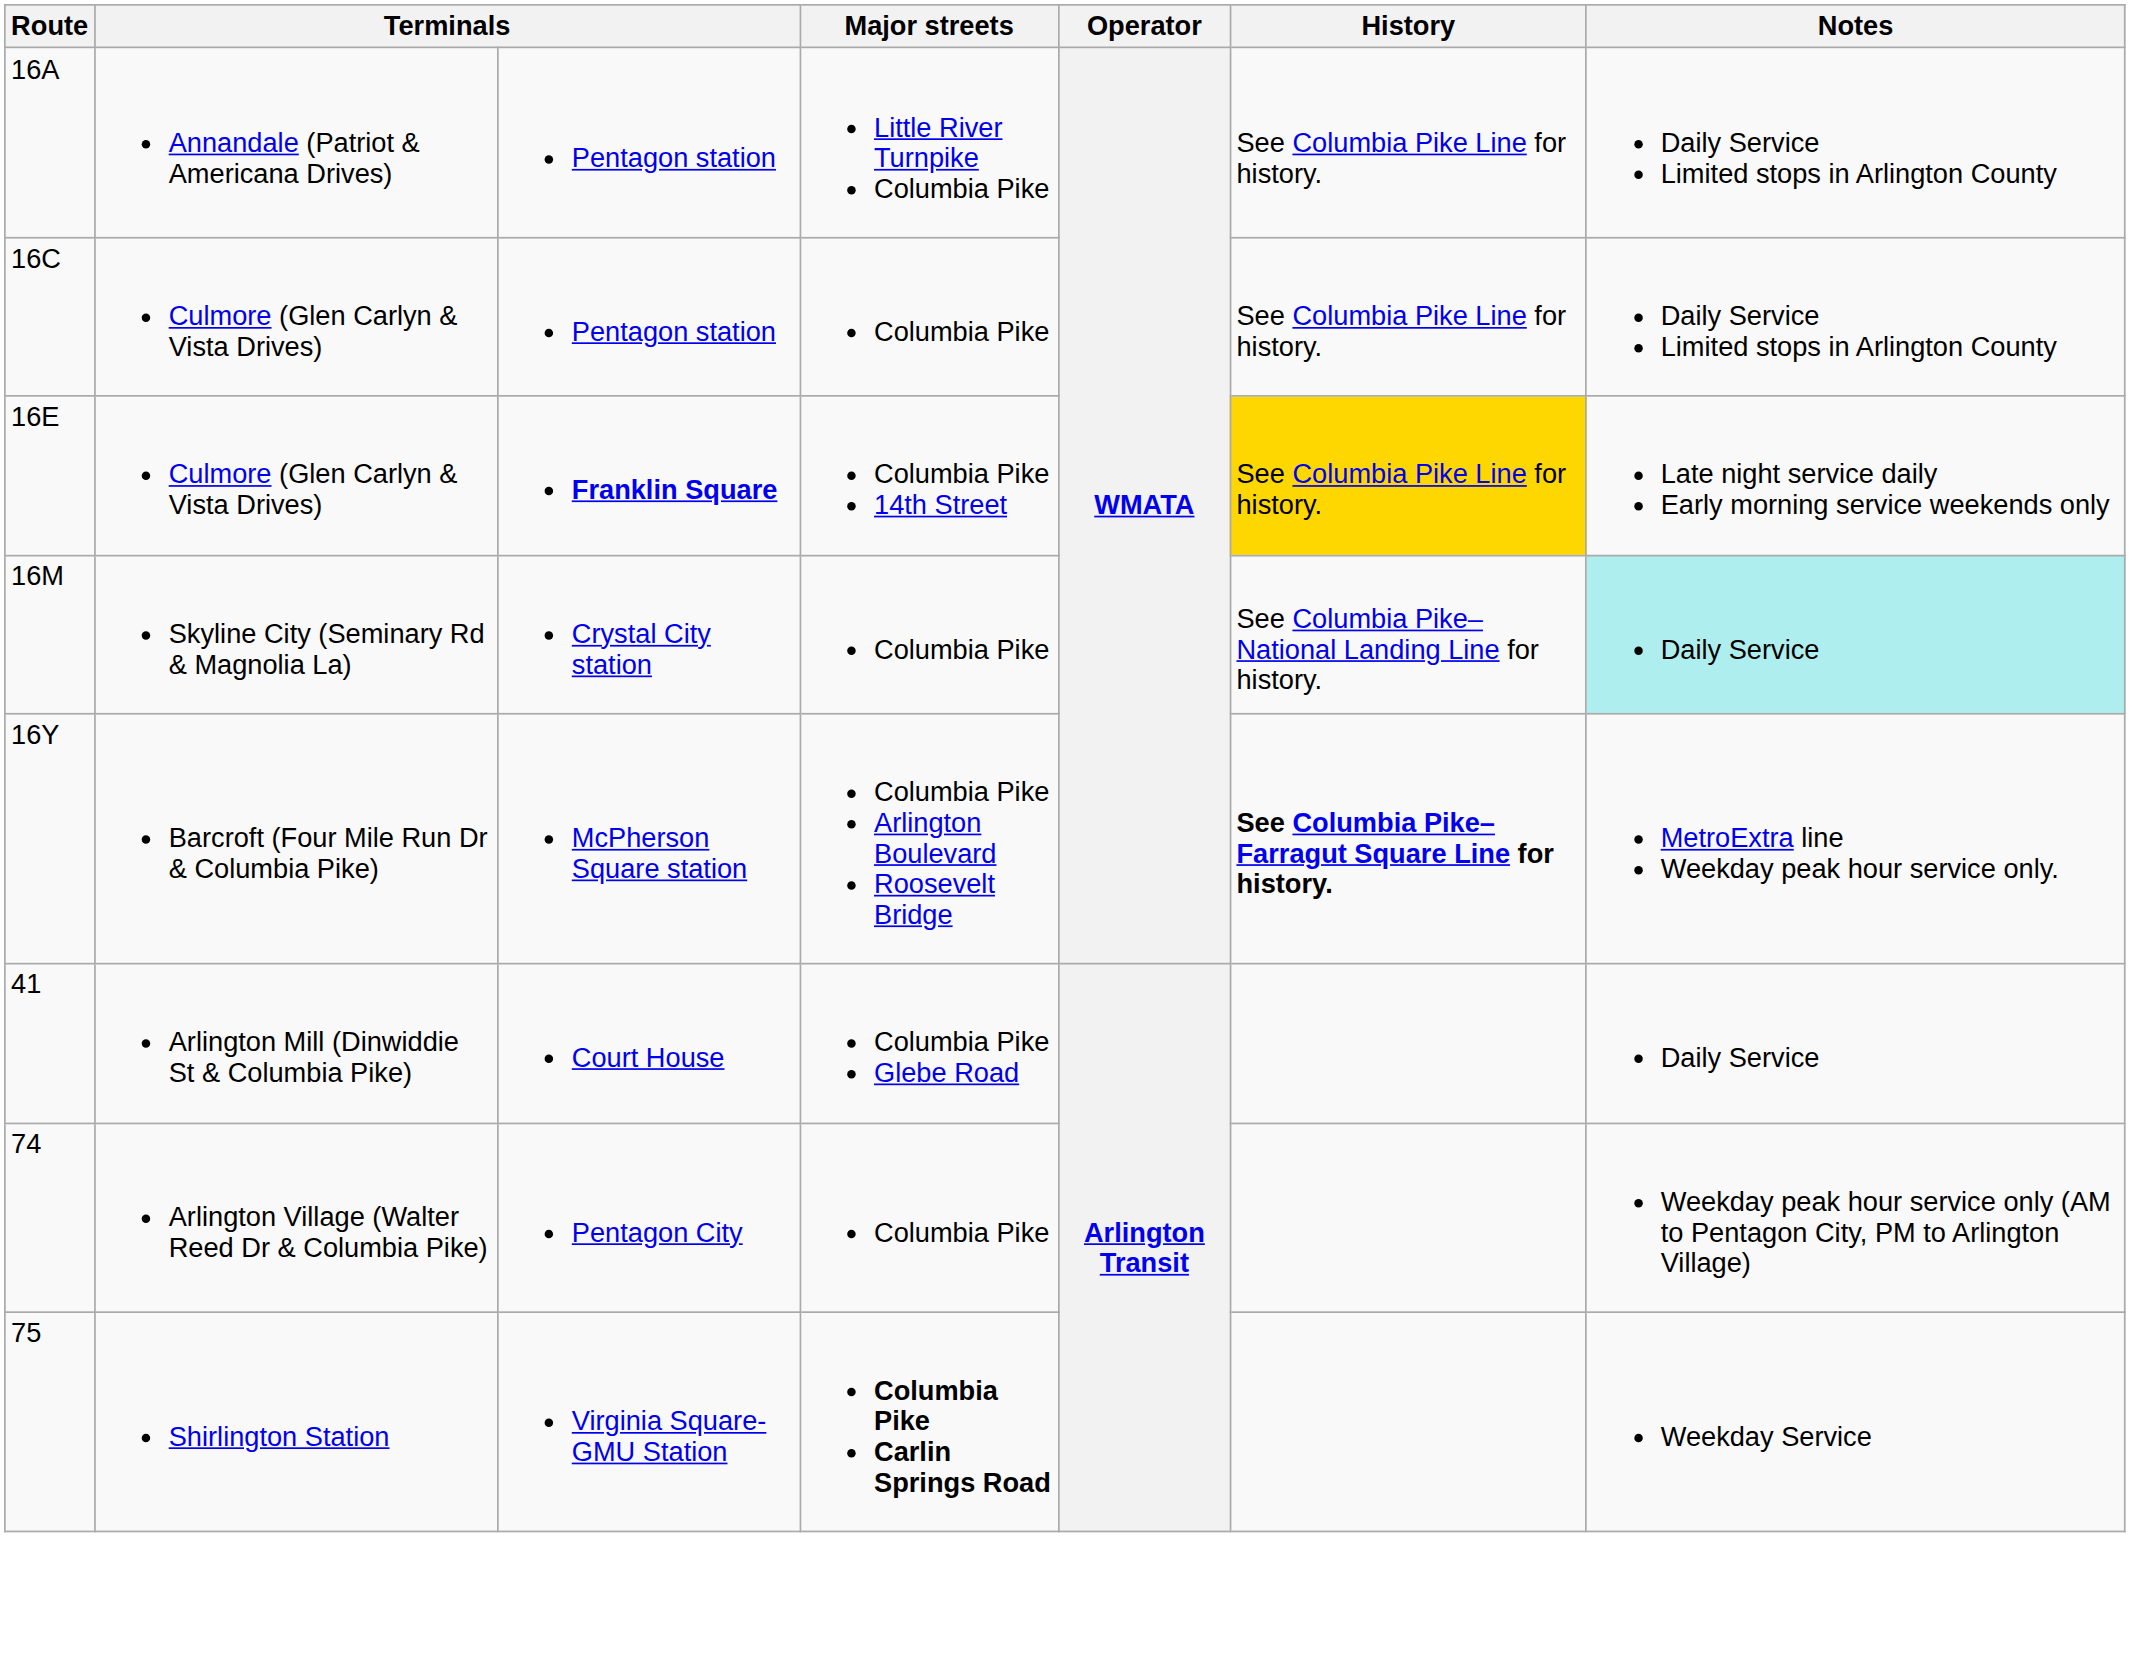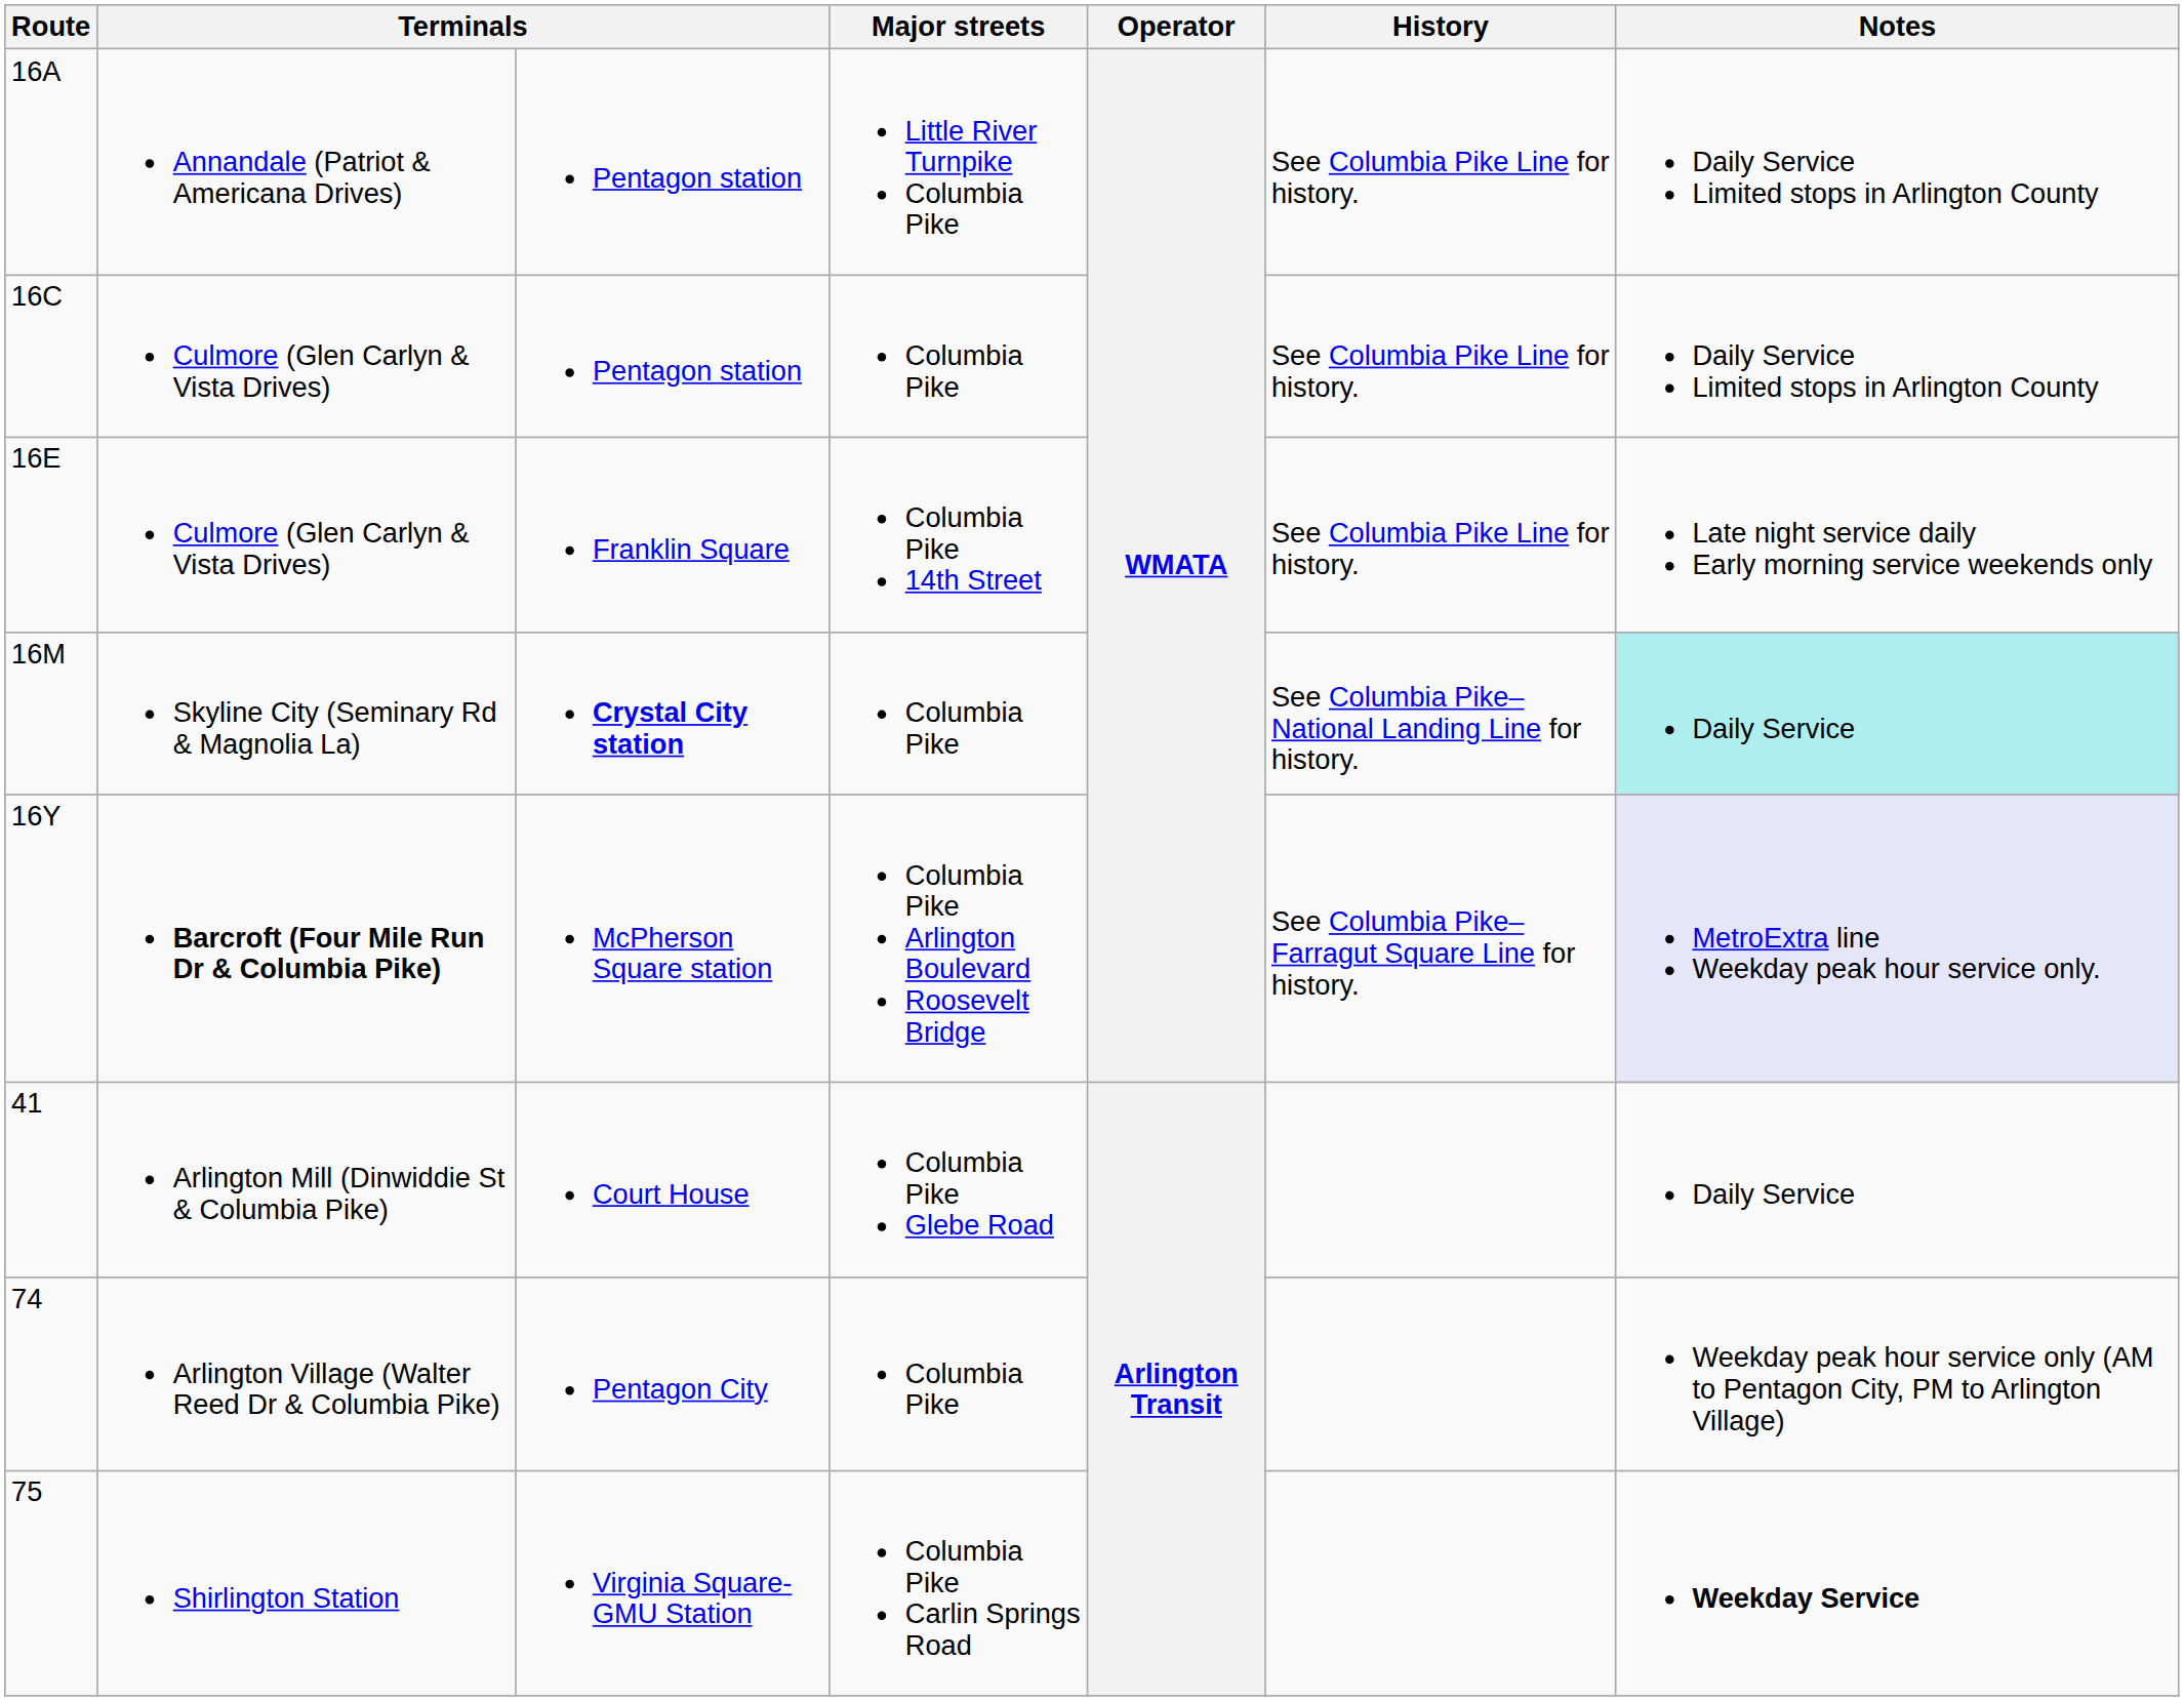 <table class=wikitable>
 <tr>
 <th>Route</th>
 <th colspan=2>Terminals</th>
 <th>Major streets</th>
 <th>Operator</th>
 <th>History</th>
 <th>Notes</th>
 </tr>
 <tr>
 <td valign=top><div>16A</div></td>
 <td><br><ul><li><a href='#'>Annandale</a> (Patriot & Americana Drives)</li></ul></td>
 <td><br><ul><li><a href='#'>Pentagon station</a></li></ul></td>
 <td><br><ul><li><a href='#'>Little River Turnpike</a></li><li>Columbia Pike</li></ul></td>
 <th rowspan=5><a href='#'>WMATA</a></th>
 <td><br>See <a href='#'>Columbia Pike Line</a> for history.</td>
 <td><br><ul><li>Daily Service</li><li>Limited stops in Arlington County</li></ul></td>
 </tr>
 <tr>
 <td valign=top><div>16C</div></td>
 <td><br><ul><li><a href='#'>Culmore</a> (Glen Carlyn & Vista Drives)</li></ul></td>
 <td><br><ul><li><a href='#'>Pentagon station</a></li></ul></td>
 <td><br><ul><li>Columbia Pike</li></ul></td>
 <td><br>See <a href='#'>Columbia Pike Line</a> for history.</td>
 <td><br><ul><li>Daily Service</li><li>Limited stops in Arlington County</li></ul></td>
 </tr>
 <tr>
 <td valign=top><div>16E</div></td>
 <td><br><ul><li><a href='#'>Culmore</a> (Glen Carlyn & Vista Drives)</li></ul></td>
-<td><strong><br><ul><li><a href='#'>Franklin Square</a></li></ul></strong></td>
+<td><br><ul><li><a href='#'>Franklin Square</a></li></ul></td>
 <td><br><ul><li>Columbia Pike</li><li><a href='#'>14th Street</a></li></ul></td>
-<td style="background: gold;"><br>See <a href='#'>Columbia Pike Line</a> for history.</td>
+<td><br>See <a href='#'>Columbia Pike Line</a> for history.</td>
 <td><br><ul><li>Late night service daily</li><li>Early morning service weekends only</li></ul></td>
 </tr>
 <tr>
 <td valign=top><div>16M</div></td>
 <td><br><ul><li>Skyline City (Seminary Rd & Magnolia La)</li></ul></td>
-<td><br><ul><li><a href='#'>Crystal City station</a></li></ul></td>
+<td><strong><br><ul><li><a href='#'>Crystal City station</a></li></ul></strong></td>
 <td><br><ul><li>Columbia Pike</li></ul></td>
 <td><br>See <a href='#'>Columbia Pike–National Landing Line</a> for history.</td>
 <td style="background: paleturquoise;"><br><ul><li>Daily Service</li></ul></td>
 </tr>
 <tr>
 <td valign=top><div>16Y</div></td>
-<td><br><ul><li>Barcroft (Four Mile Run Dr & Columbia Pike)</li></ul></td>
+<td><strong><br><ul><li>Barcroft (Four Mile Run Dr & Columbia Pike)</li></ul></strong></td>
 <td><br><ul><li><a href='#'>McPherson Square station</a></li></ul></td>
 <td><br><ul><li>Columbia Pike</li><li><a href='#'>Arlington Boulevard</a></li><li><a href='#'>Roosevelt Bridge</a></li></ul></td>
-<td><strong><br>See <a href='#'>Columbia Pike–Farragut Square Line</a> for history.</strong></td>
-<td><br><ul><li><a href='#'>MetroExtra</a> line</li><li>Weekday peak hour service only.</li></ul></td>
+<td><br>See <a href='#'>Columbia Pike–Farragut Square Line</a> for history.</td>
+<td style="background: lavender;"><br><ul><li><a href='#'>MetroExtra</a> line</li><li>Weekday peak hour service only.</li></ul></td>
 </tr>
 <tr>
 <td valign=top><div>41</div></td>
 <td><br><ul><li>Arlington Mill (Dinwiddie St & Columbia Pike)</li></ul></td>
 <td><br><ul><li><a href='#'>Court House</a></li></ul></td>
 <td><br><ul><li>Columbia Pike</li><li><a href='#'>Glebe Road</a></li></ul></td>
 <th rowspan=3><a href='#'>Arlington Transit</a></th>
 <td></td>
 <td><br><ul><li>Daily Service</li></ul></td>
 </tr>
 <tr>
 <td valign=top><div>74</div></td>
 <td><br><ul><li>Arlington Village (Walter Reed Dr & Columbia Pike)</li></ul></td>
 <td><br><ul><li><a href='#'>Pentagon City</a></li></ul></td>
 <td><br><ul><li>Columbia Pike</li></ul></td>
 <td></td>
 <td><br><ul><li>Weekday peak hour service only (AM to Pentagon City, PM to Arlington Village)</li></ul></td>
 </tr>
 <tr>
 <td valign=top><div>75</div></td>
 <td><br><ul><li><a href='#'>Shirlington Station</a></li></ul></td>
 <td><br><ul><li><a href='#'>Virginia Square-GMU Station</a></li></ul></td>
-<td><strong><br><ul><li>Columbia Pike</li><li>Carlin Springs Road</li></ul></strong></td>
+<td><br><ul><li>Columbia Pike</li><li>Carlin Springs Road</li></ul></td>
 <td></td>
-<td><br><ul><li>Weekday Service</li></ul></td>
+<td><strong><br><ul><li>Weekday Service</li></ul></strong></td>
 </tr>
 </table>
